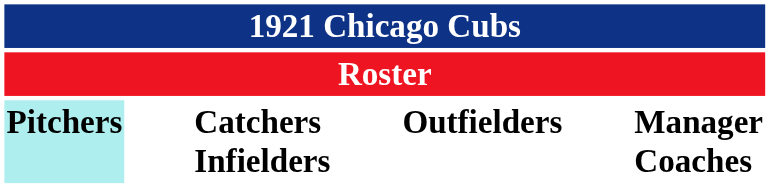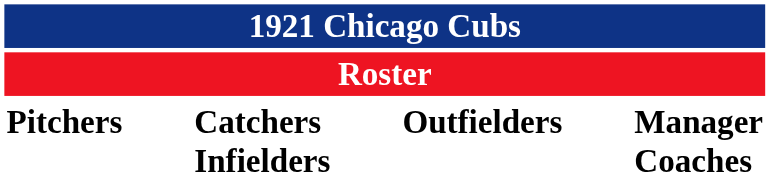 <table class="toccolours" style="font-size: 95%;">
 <tr>
 <th colspan="10" style="background-color: #0e3386; color: white; text-align: center;">1921 Chicago Cubs</th>
 </tr>
 <tr>
 <td colspan="10" style="background-color: #EE1422; color: white; text-align: center;"><strong>Roster</strong></td>
 </tr>
 <tr>
-<td valign="top" style="background: paleturquoise;"><strong>Pitchers</strong><br>              </td>
+<td valign="top"><strong>Pitchers</strong><br>              </td>
 <td width="25px"></td>
 <td valign="top"><strong>Catchers</strong><br>    <strong>Infielders</strong>         </td>
 <td width="25px"></td>
 <td valign="top"><strong>Outfielders</strong><br>      </td>
 <td width="25px"></td>
 <td valign="top"><strong>Manager</strong><br>  <strong>Coaches</strong> </td>
 </tr>
 </table>
